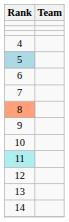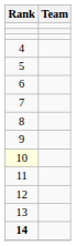 <table class="wikitable" style="text-align: center;">
 <tr>
 <th width=40>Rank</th>
 <th>Team</th>
 </tr>
 <tr>
 <td></td>
 <td style="text-align:left;"></td>
 </tr>
 <tr>
 <td></td>
 <td style="text-align:left;"></td>
 </tr>
 <tr>
 <td></td>
 <td style="text-align:left;"></td>
 </tr>
 <tr>
 <td>4</td>
 <td style="text-align:left;"></td>
 </tr>
 <tr>
-<td style="background: lightblue;">5</td>
+<td>5</td>
 <td style="text-align:left;"></td>
 </tr>
 <tr>
 <td>6</td>
 <td style="text-align:left;"></td>
 </tr>
 <tr>
 <td>7</td>
 <td style="text-align:left;"></td>
 </tr>
 <tr>
-<td style="background: lightsalmon;">8</td>
+<td>8</td>
 <td style="text-align:left;"></td>
 </tr>
 <tr>
 <td>9</td>
 <td style="text-align:left;"></td>
 </tr>
 <tr>
-<td>10</td>
+<td style="background: lightyellow;">10</td>
 <td style="text-align:left;"></td>
 </tr>
 <tr>
-<td style="background: paleturquoise;">11</td>
+<td>11</td>
 <td style="text-align:left;"></td>
 </tr>
 <tr>
 <td>12</td>
 <td style="text-align:left;"></td>
 </tr>
 <tr>
 <td>13</td>
 <td style="text-align:left;"></td>
 </tr>
 <tr>
-<td>14</td>
+<td><strong>14</strong></td>
 <td style="text-align:left;"></td>
 </tr>
 <tr>
 </tr>
 </table>
